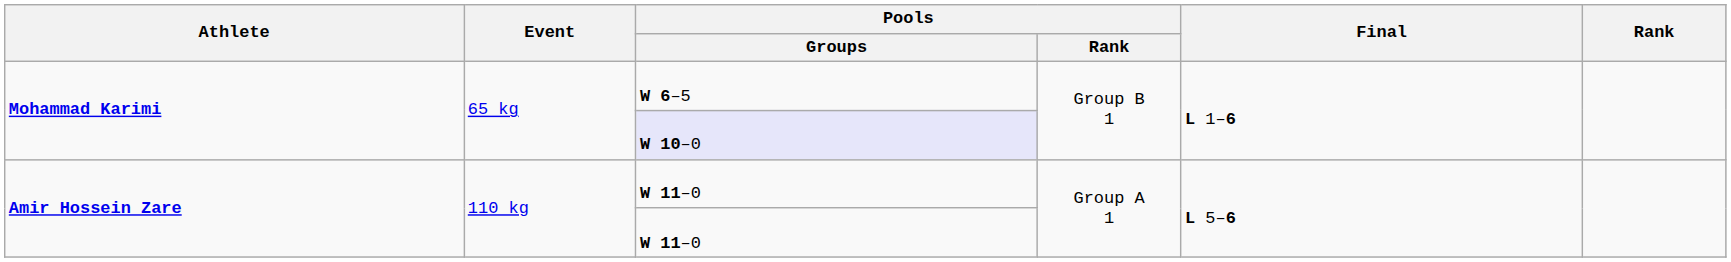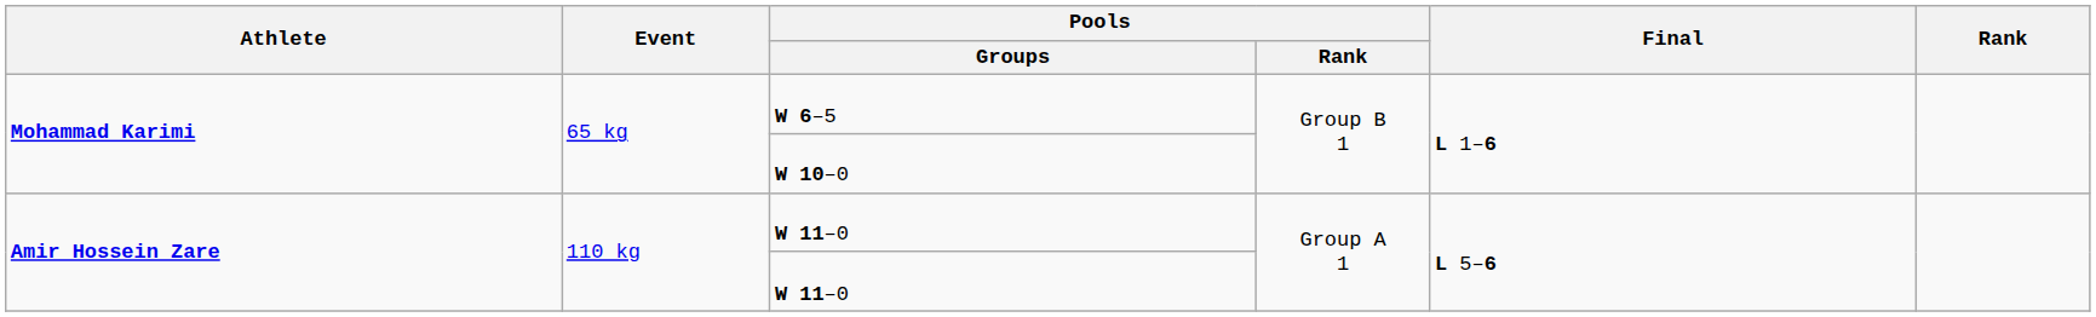 <table class="wikitable" width="75%" style="text-align:left; font-size:90%">
 <tr>
 <th rowspan="2" width="16%">Athlete</th>
 <th rowspan="2" width="6%">Event</th>
 <th colspan="2">Pools</th>
 <th rowspan="2" width="14%">Final</th>
 <th rowspan="2" width="5%">Rank</th>
 </tr>
 <tr>
 <th width="14%">Groups</th>
 <th width="5%">Rank</th>
 </tr>
 <tr>
 <td rowspan=2><strong><a href='#'>Mohammad Karimi</a></strong></td>
 <td rowspan=2><a href='#'>65 kg</a></td>
 <td><br><strong>W</strong> <strong>6</strong>–5</td>
 <td rowspan=2 align=center>Group B<br>1 <strong></strong></td>
 <td rowspan=2><br><strong>L</strong> 1–<strong>6</strong></td>
 <td rowspan=2 align="center"></td>
 </tr>
 <tr>
-<td style="background: lavender;"><br><strong>W</strong> <strong>10</strong>–0</td>
+<td><br><strong>W</strong> <strong>10</strong>–0</td>
 </tr>
 <tr>
 <td rowspan=2><strong><a href='#'>Amir Hossein Zare</a></strong></td>
 <td rowspan=2><a href='#'>110 kg</a></td>
 <td><br><strong>W</strong> <strong>11</strong>–0</td>
 <td rowspan=2 align=center>Group A<br>1 <strong></strong></td>
 <td rowspan=2><br><strong>L</strong> 5–<strong>6</strong></td>
 <td rowspan=2 align="center"></td>
 </tr>
 <tr>
 <td><br><strong>W</strong> <strong>11</strong>–0</td>
 </tr>
 </table>
